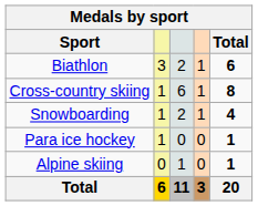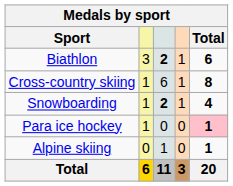 <table class="wikitable" style="font-size:85%;float:right;text-align:center;clear:right;margin-left:0.5em;">
 <tr>
 <th colspan=5>Medals by sport</th>
 </tr>
 <tr>
 <th>Sport</th>
 <td bgcolor=F7F6A8></td>
 <td bgcolor=DCE5E5></td>
 <td bgcolor=FFDAB9></td>
 <th>Total</th>
 </tr>
 <tr>
 <td><a href='#'>Biathlon</a></td>
 <td bgcolor=F7F6A8>3</td>
-<td bgcolor=DCE5E5>2</td>
+<td bgcolor=DCE5E5><strong>2</strong></td>
 <td bgcolor=FFDAB9>1</td>
 <td><strong>6</strong></td>
 </tr>
 <tr>
 <td><a href='#'>Cross-country skiing</a></td>
 <td bgcolor=F7F6A8>1</td>
 <td bgcolor=DCE5E5>6</td>
 <td bgcolor=FFDAB9>1</td>
 <td><strong>8</strong></td>
 </tr>
 <tr>
 <td><a href='#'>Snowboarding</a></td>
 <td bgcolor=F7F6A8>1</td>
-<td bgcolor=DCE5E5>2</td>
+<td bgcolor=DCE5E5><strong>2</strong></td>
 <td bgcolor=FFDAB9>1</td>
 <td><strong>4</strong></td>
 </tr>
 <tr>
 <td><a href='#'>Para ice hockey</a></td>
 <td bgcolor=F7F6A8>1</td>
 <td bgcolor=DCE5E5>0</td>
 <td bgcolor=FFDAB9>0</td>
-<td><strong>1</strong></td>
+<td style="background: pink;"><strong>1</strong></td>
 </tr>
 <tr>
 <td><a href='#'>Alpine skiing</a></td>
 <td bgcolor=F7F6A8>0</td>
 <td bgcolor=DCE5E5>1</td>
 <td bgcolor=FFDAB9>0</td>
 <td><strong>1</strong></td>
 </tr>
 <tr>
 <th>Total</th>
 <th style=background:gold>6</th>
 <th style=background:silver>11</th>
 <th style=background:#c96>3</th>
 <th>20</th>
 </tr>
 </table>
